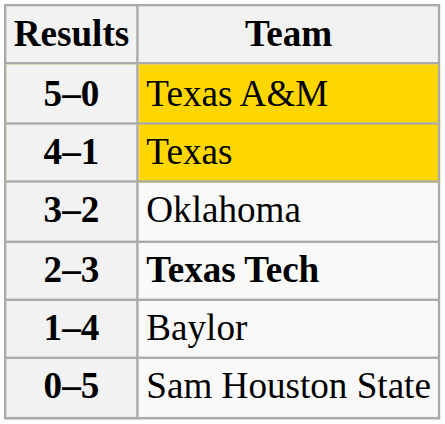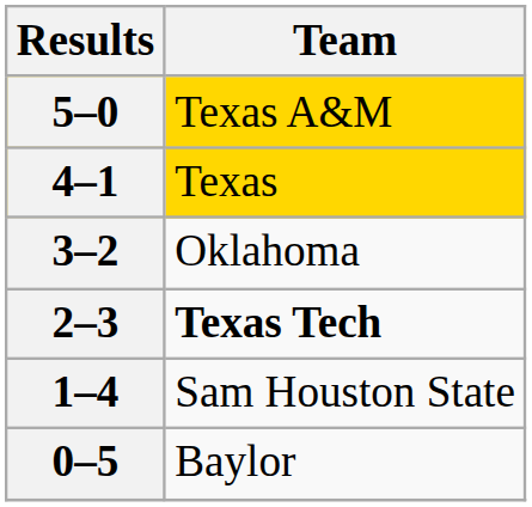 <table class="wikitable">
 <tr>
 <th>Results</th>
 <th>Team</th>
 </tr>
 <tr style="background:gold;">
 <th>5–0</th>
 <td>Texas A&M</td>
 </tr>
 <tr style="background:gold;">
 <th>4–1</th>
 <td>Texas</td>
 </tr>
 <tr>
 <th>3–2</th>
 <td>Oklahoma</td>
 </tr>
 <tr>
 <th>2–3</th>
 <td><strong>Texas Tech</strong></td>
 </tr>
 <tr>
 <th>1–4</th>
-<td>Baylor</td>
+<td>Sam Houston State</td>
 </tr>
 <tr>
 <th>0–5</th>
-<td>Sam Houston State</td>
+<td>Baylor</td>
 </tr>
 <tr>
 </tr>
 </table>
